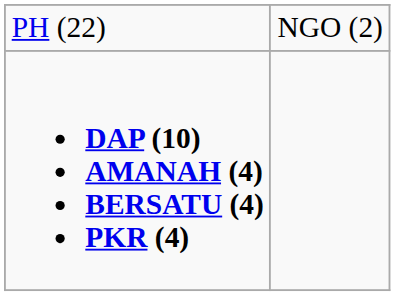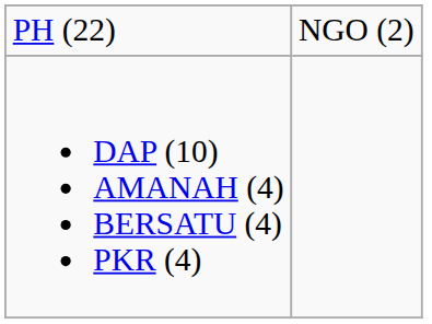 <table class="wikitable">
 <tr>
 <td> <a href='#'>PH</a> (22)</td>
 <td> NGO (2)</td>
 </tr>
 <tr>
-<td><strong><br><ul><li> <a href='#'>DAP</a> (10)</li><li> <a href='#'>AMANAH</a> (4)</li><li> <a href='#'>BERSATU</a> (4)</li><li> <a href='#'>PKR</a> (4)</li></ul></strong></td>
+<td><br><ul><li> <a href='#'>DAP</a> (10)</li><li> <a href='#'>AMANAH</a> (4)</li><li> <a href='#'>BERSATU</a> (4)</li><li> <a href='#'>PKR</a> (4)</li></ul></td>
 </tr>
 </table>
